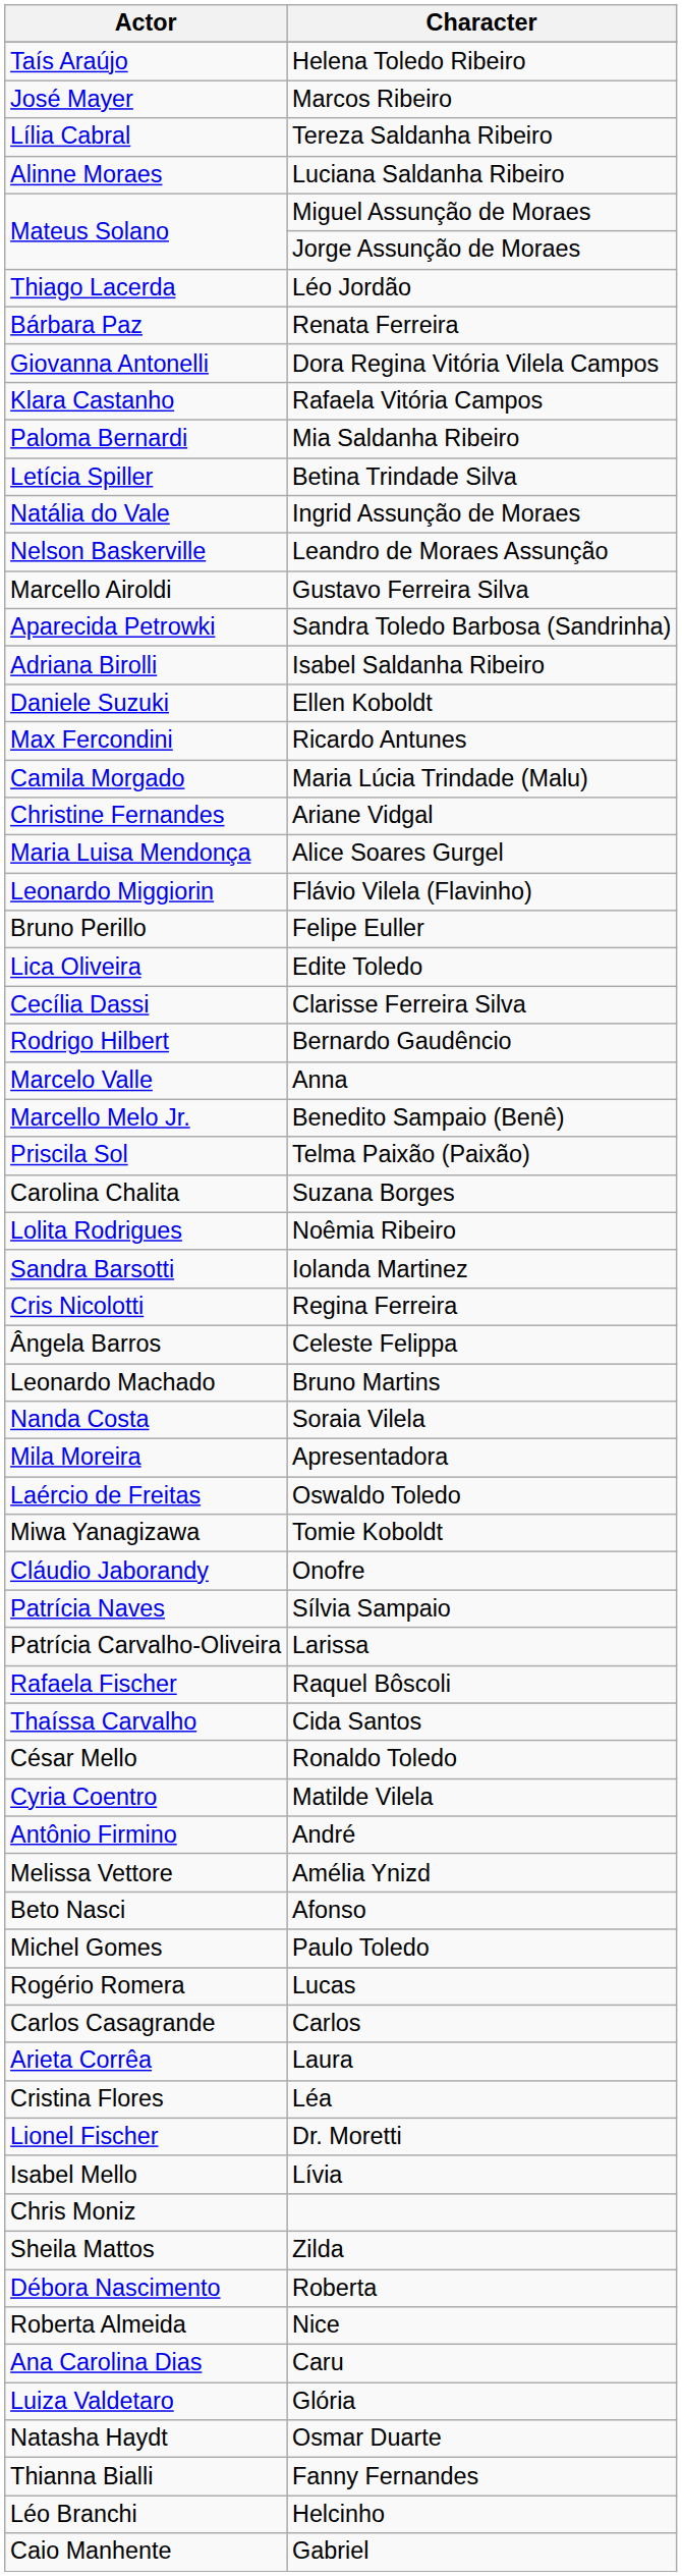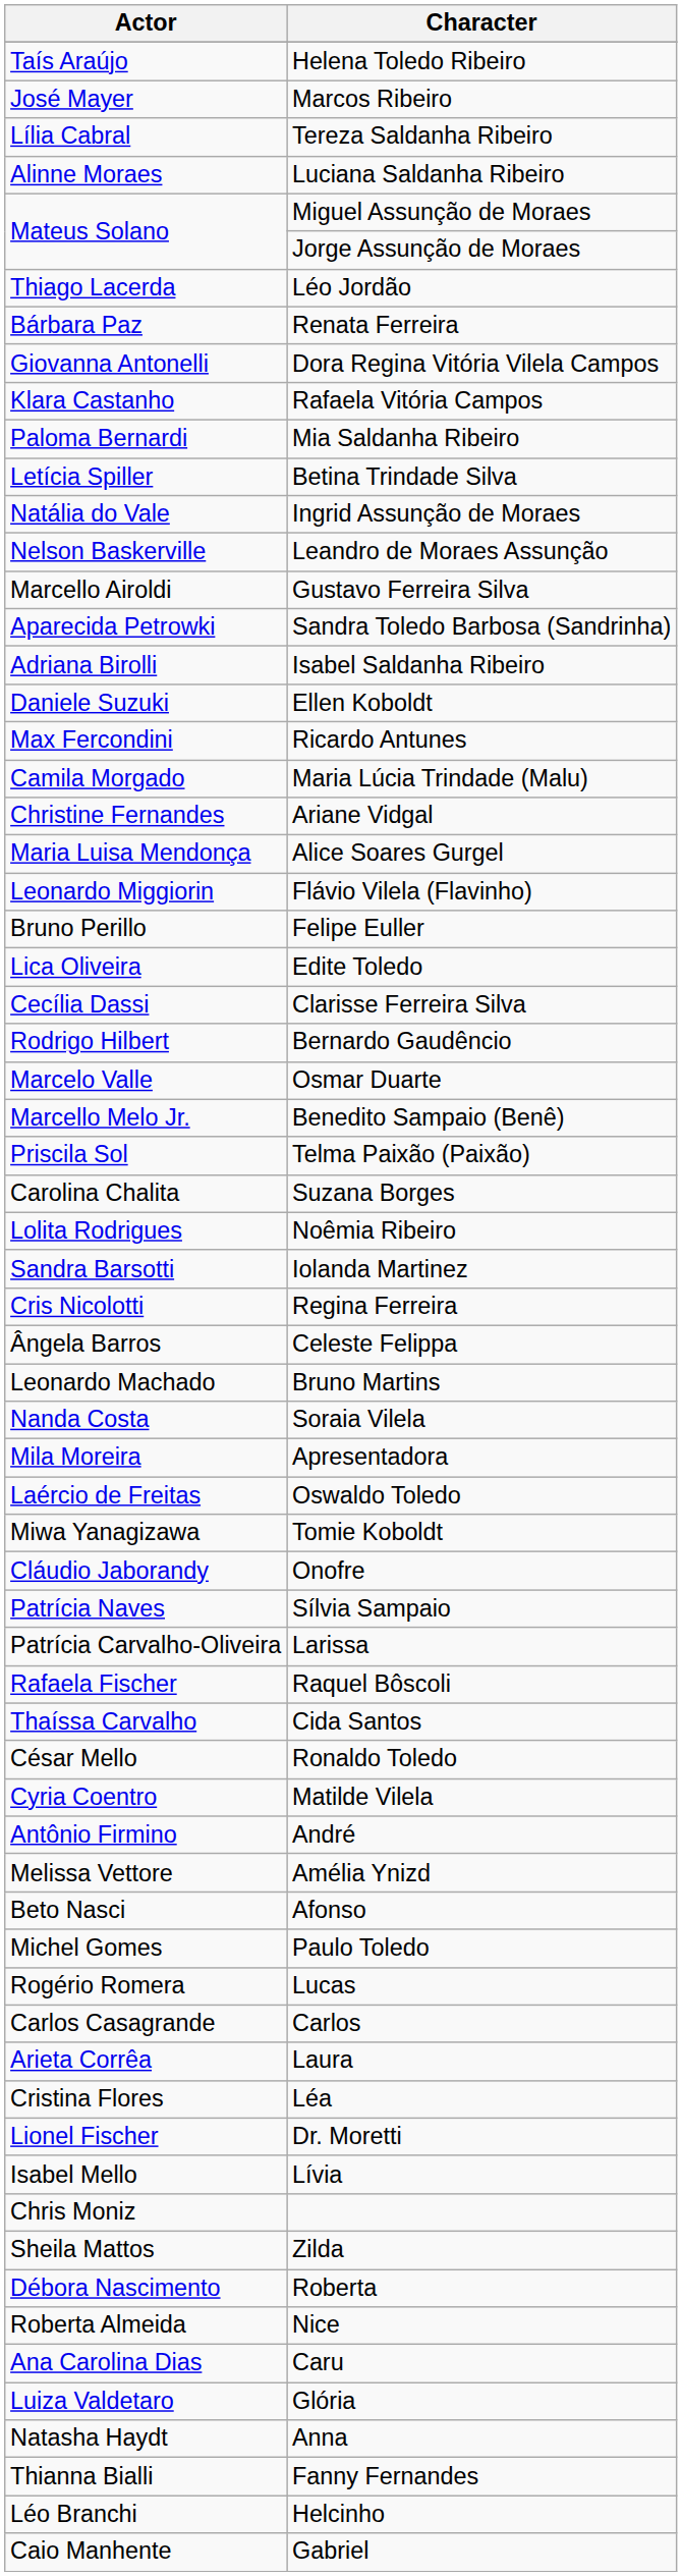 <table class="wikitable sortable">
 <tr>
 <th>Actor</th>
 <th>Character</th>
 </tr>
 <tr>
 </tr>
 <tr>
 <td><a href='#'>Taís Araújo</a></td>
 <td>Helena Toledo Ribeiro</td>
 </tr>
 <tr>
 <td><a href='#'>José Mayer</a></td>
 <td>Marcos Ribeiro</td>
 </tr>
 <tr>
 <td><a href='#'>Lília Cabral</a></td>
 <td>Tereza Saldanha Ribeiro</td>
 </tr>
 <tr>
 <td><a href='#'>Alinne Moraes</a></td>
 <td>Luciana Saldanha Ribeiro</td>
 </tr>
 <tr>
 <td rowspan="2"><a href='#'>Mateus Solano</a></td>
 <td>Miguel Assunção de Moraes</td>
 </tr>
 <tr>
 <td>Jorge Assunção de Moraes</td>
 </tr>
 <tr>
 <td><a href='#'>Thiago Lacerda</a></td>
 <td>Léo Jordão</td>
 </tr>
 <tr>
 <td><a href='#'>Bárbara Paz</a></td>
 <td>Renata Ferreira</td>
 </tr>
 <tr>
 <td><a href='#'>Giovanna Antonelli</a></td>
 <td>Dora Regina Vitória Vilela Campos</td>
 </tr>
 <tr>
 <td><a href='#'>Klara Castanho</a></td>
 <td>Rafaela Vitória Campos</td>
 </tr>
 <tr>
 <td><a href='#'>Paloma Bernardi</a></td>
 <td>Mia Saldanha Ribeiro</td>
 </tr>
 <tr>
 <td><a href='#'>Letícia Spiller</a></td>
 <td>Betina Trindade Silva</td>
 </tr>
 <tr>
 <td><a href='#'>Natália do Vale</a></td>
 <td>Ingrid Assunção de Moraes</td>
 </tr>
 <tr>
 <td><a href='#'>Nelson Baskerville</a></td>
 <td>Leandro de Moraes Assunção</td>
 </tr>
 <tr>
 <td>Marcello Airoldi</td>
 <td>Gustavo Ferreira Silva</td>
 </tr>
 <tr>
 <td><a href='#'>Aparecida Petrowki</a></td>
 <td>Sandra Toledo Barbosa (Sandrinha)</td>
 </tr>
 <tr>
 <td><a href='#'>Adriana Birolli</a></td>
 <td>Isabel Saldanha Ribeiro</td>
 </tr>
 <tr>
 <td><a href='#'>Daniele Suzuki</a></td>
 <td>Ellen Koboldt</td>
 </tr>
 <tr>
 <td><a href='#'>Max Fercondini</a></td>
 <td>Ricardo Antunes</td>
 </tr>
 <tr>
 <td><a href='#'>Camila Morgado</a></td>
 <td>Maria Lúcia Trindade (Malu)</td>
 </tr>
 <tr>
 <td><a href='#'>Christine Fernandes</a></td>
 <td>Ariane Vidgal</td>
 </tr>
 <tr>
 <td><a href='#'>Maria Luisa Mendonça</a></td>
 <td>Alice Soares Gurgel</td>
 </tr>
 <tr>
 <td><a href='#'>Leonardo Miggiorin</a></td>
 <td>Flávio Vilela (Flavinho)</td>
 </tr>
 <tr>
 <td>Bruno Perillo</td>
 <td>Felipe Euller</td>
 </tr>
 <tr>
 <td><a href='#'>Lica Oliveira</a></td>
 <td>Edite Toledo</td>
 </tr>
 <tr>
 <td><a href='#'>Cecília Dassi</a></td>
 <td>Clarisse Ferreira Silva</td>
 </tr>
 <tr>
 <td><a href='#'>Rodrigo Hilbert</a></td>
 <td>Bernardo Gaudêncio</td>
 </tr>
 <tr>
 <td><a href='#'>Marcelo Valle</a></td>
-<td>Anna</td>
+<td>Osmar Duarte</td>
 </tr>
 <tr>
 <td><a href='#'>Marcello Melo Jr.</a></td>
 <td>Benedito Sampaio (Benê)</td>
 </tr>
 <tr>
 <td><a href='#'>Priscila Sol</a></td>
 <td>Telma Paixão (Paixão)</td>
 </tr>
 <tr>
 <td>Carolina Chalita</td>
 <td>Suzana Borges</td>
 </tr>
 <tr>
 <td><a href='#'>Lolita Rodrigues</a></td>
 <td>Noêmia Ribeiro</td>
 </tr>
 <tr>
 <td><a href='#'>Sandra Barsotti</a></td>
 <td>Iolanda Martinez</td>
 </tr>
 <tr>
 <td><a href='#'>Cris Nicolotti</a></td>
 <td>Regina Ferreira</td>
 </tr>
 <tr>
 <td>Ângela Barros</td>
 <td>Celeste Felippa</td>
 </tr>
 <tr>
 <td>Leonardo Machado</td>
 <td>Bruno Martins</td>
 </tr>
 <tr>
 <td><a href='#'>Nanda Costa</a></td>
 <td>Soraia Vilela</td>
 </tr>
 <tr>
 <td><a href='#'>Mila Moreira</a></td>
 <td>Apresentadora</td>
 </tr>
 <tr>
 <td><a href='#'>Laércio de Freitas</a></td>
 <td>Oswaldo Toledo</td>
 </tr>
 <tr>
 <td>Miwa Yanagizawa</td>
 <td>Tomie Koboldt</td>
 </tr>
 <tr>
 <td><a href='#'>Cláudio Jaborandy</a></td>
 <td>Onofre</td>
 </tr>
 <tr>
 <td><a href='#'>Patrícia Naves</a></td>
 <td>Sílvia Sampaio</td>
 </tr>
 <tr>
 <td>Patrícia Carvalho-Oliveira</td>
 <td>Larissa</td>
 </tr>
 <tr>
 <td><a href='#'>Rafaela Fischer</a></td>
 <td>Raquel Bôscoli</td>
 </tr>
 <tr>
 <td><a href='#'>Thaíssa Carvalho</a></td>
 <td>Cida Santos</td>
 </tr>
 <tr>
 <td>César Mello</td>
 <td>Ronaldo Toledo</td>
 </tr>
 <tr>
 <td><a href='#'>Cyria Coentro</a></td>
 <td>Matilde Vilela</td>
 </tr>
 <tr>
 <td><a href='#'>Antônio Firmino</a></td>
 <td>André</td>
 </tr>
 <tr>
 <td>Melissa Vettore</td>
 <td>Amélia Ynizd</td>
 </tr>
 <tr>
 <td>Beto Nasci</td>
 <td>Afonso</td>
 </tr>
 <tr>
 <td>Michel Gomes</td>
 <td>Paulo Toledo</td>
 </tr>
 <tr>
 <td>Rogério Romera</td>
 <td>Lucas</td>
 </tr>
 <tr>
 <td>Carlos Casagrande</td>
 <td>Carlos</td>
 </tr>
 <tr>
 <td><a href='#'>Arieta Corrêa</a></td>
 <td>Laura</td>
 </tr>
 <tr>
 <td>Cristina Flores</td>
 <td>Léa</td>
 </tr>
 <tr>
 <td><a href='#'>Lionel Fischer</a></td>
 <td>Dr. Moretti</td>
 </tr>
 <tr>
 <td>Isabel Mello</td>
 <td>Lívia</td>
 </tr>
 <tr>
 <td>Chris Moniz</td>
 <td></td>
 </tr>
 <tr>
 <td>Sheila Mattos</td>
 <td>Zilda</td>
 </tr>
 <tr>
 <td><a href='#'>Débora Nascimento</a></td>
 <td>Roberta</td>
 </tr>
 <tr>
 <td>Roberta Almeida</td>
 <td>Nice</td>
 </tr>
 <tr>
 <td><a href='#'>Ana Carolina Dias</a></td>
 <td>Caru</td>
 </tr>
 <tr>
 <td><a href='#'>Luiza Valdetaro</a></td>
 <td>Glória</td>
 </tr>
 <tr>
 <td>Natasha Haydt</td>
-<td>Osmar Duarte</td>
+<td>Anna</td>
 </tr>
 <tr>
 <td>Thianna Bialli</td>
 <td>Fanny Fernandes</td>
 </tr>
 <tr>
 <td>Léo Branchi</td>
 <td>Helcinho</td>
 </tr>
 <tr>
 <td>Caio Manhente</td>
 <td>Gabriel</td>
 </tr>
 </table>
